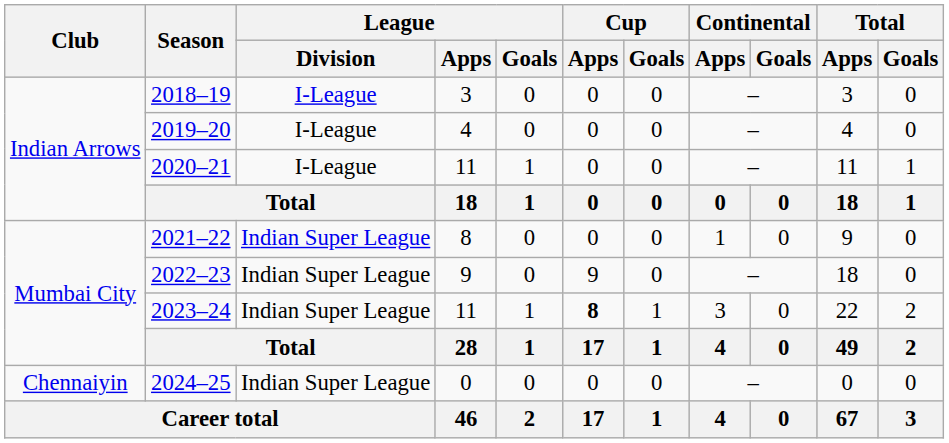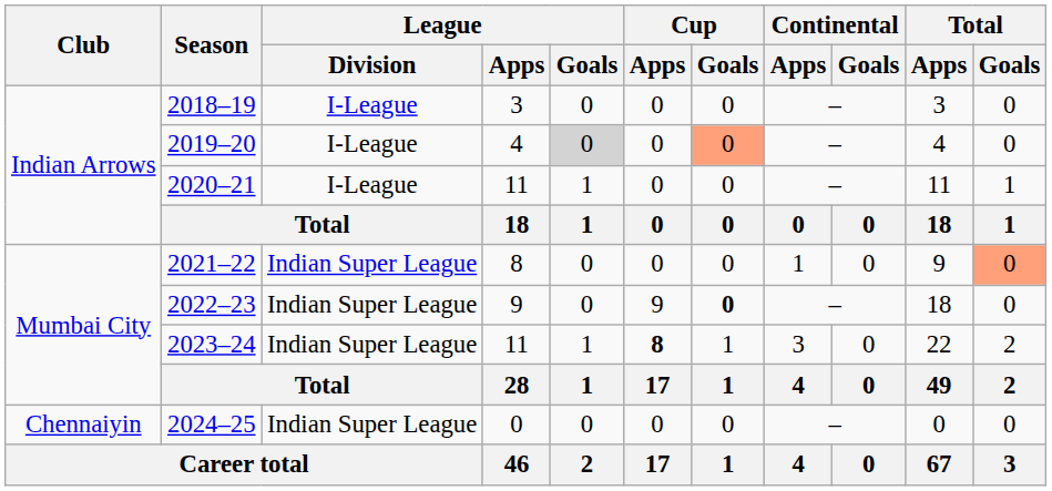 <table class="wikitable" style="text-align: center">
 <tr>
 <th rowspan="2">Club</th>
 <th rowspan="2">Season</th>
 <th colspan="3">League</th>
 <th colspan="2">Cup</th>
 <th colspan="2">Continental</th>
 <th colspan="2">Total</th>
 </tr>
 <tr>
 <th>Division</th>
 <th>Apps</th>
 <th>Goals</th>
 <th>Apps</th>
 <th>Goals</th>
 <th>Apps</th>
 <th>Goals</th>
 <th>Apps</th>
 <th>Goals</th>
 </tr>
 <tr>
 <td rowspan="4"><a href='#'>Indian Arrows</a></td>
 <td><a href='#'>2018–19</a></td>
 <td><a href='#'>I-League</a></td>
 <td>3</td>
 <td>0</td>
 <td>0</td>
 <td>0</td>
 <td colspan="2">–</td>
 <td>3</td>
 <td>0</td>
 </tr>
 <tr>
 <td><a href='#'>2019–20</a></td>
 <td>I-League</td>
 <td>4</td>
+<td style="background: lightgrey;">0</td>
 <td>0</td>
-<td>0</td>
-<td>0</td>
+<td style="background: lightsalmon;">0</td>
 <td colspan="2">–</td>
 <td>4</td>
 <td>0</td>
 </tr>
 <tr>
 <td><a href='#'>2020–21</a></td>
 <td>I-League</td>
 <td>11</td>
 <td>1</td>
 <td>0</td>
 <td>0</td>
 <td colspan="2">–</td>
 <td>11</td>
 <td>1</td>
 </tr>
 <tr>
 <th colspan="2">Total</th>
 <th>18</th>
 <th>1</th>
 <th>0</th>
 <th>0</th>
 <th>0</th>
 <th>0</th>
 <th>18</th>
 <th>1</th>
 </tr>
 <tr>
 <td rowspan="4"><a href='#'>Mumbai City</a></td>
 <td><a href='#'>2021–22</a></td>
 <td><a href='#'>Indian Super League</a></td>
 <td>8</td>
 <td>0</td>
 <td>0</td>
 <td>0</td>
 <td>1</td>
 <td>0</td>
 <td>9</td>
-<td>0</td>
+<td style="background: lightsalmon;">0</td>
 </tr>
 <tr>
 <td><a href='#'>2022–23</a></td>
 <td>Indian Super League</td>
 <td>9</td>
 <td>0</td>
 <td>9</td>
-<td>0</td>
+<td><strong>0</strong></td>
 <td colspan="2">–</td>
 <td>18</td>
 <td>0</td>
 </tr>
 <tr>
 <td><a href='#'>2023–24</a></td>
 <td>Indian Super League</td>
 <td>11</td>
 <td>1</td>
 <td><strong>8</strong></td>
 <td>1</td>
 <td>3</td>
 <td>0</td>
 <td>22</td>
 <td>2</td>
 </tr>
 <tr>
 <th colspan="2">Total</th>
 <th>28</th>
 <th>1</th>
 <th>17</th>
 <th>1</th>
 <th>4</th>
 <th>0</th>
 <th>49</th>
 <th>2</th>
 </tr>
 <tr>
 <td rowspan="1"><a href='#'>Chennaiyin</a></td>
 <td><a href='#'>2024–25</a></td>
 <td>Indian Super League</td>
 <td>0</td>
 <td>0</td>
 <td>0</td>
 <td>0</td>
 <td colspan="2">–</td>
 <td>0</td>
 <td>0</td>
 </tr>
 <tr>
 <th colspan="3">Career total</th>
 <th>46</th>
 <th>2</th>
 <th>17</th>
 <th>1</th>
 <th>4</th>
 <th>0</th>
 <th>67</th>
 <th>3</th>
 </tr>
 </table>
